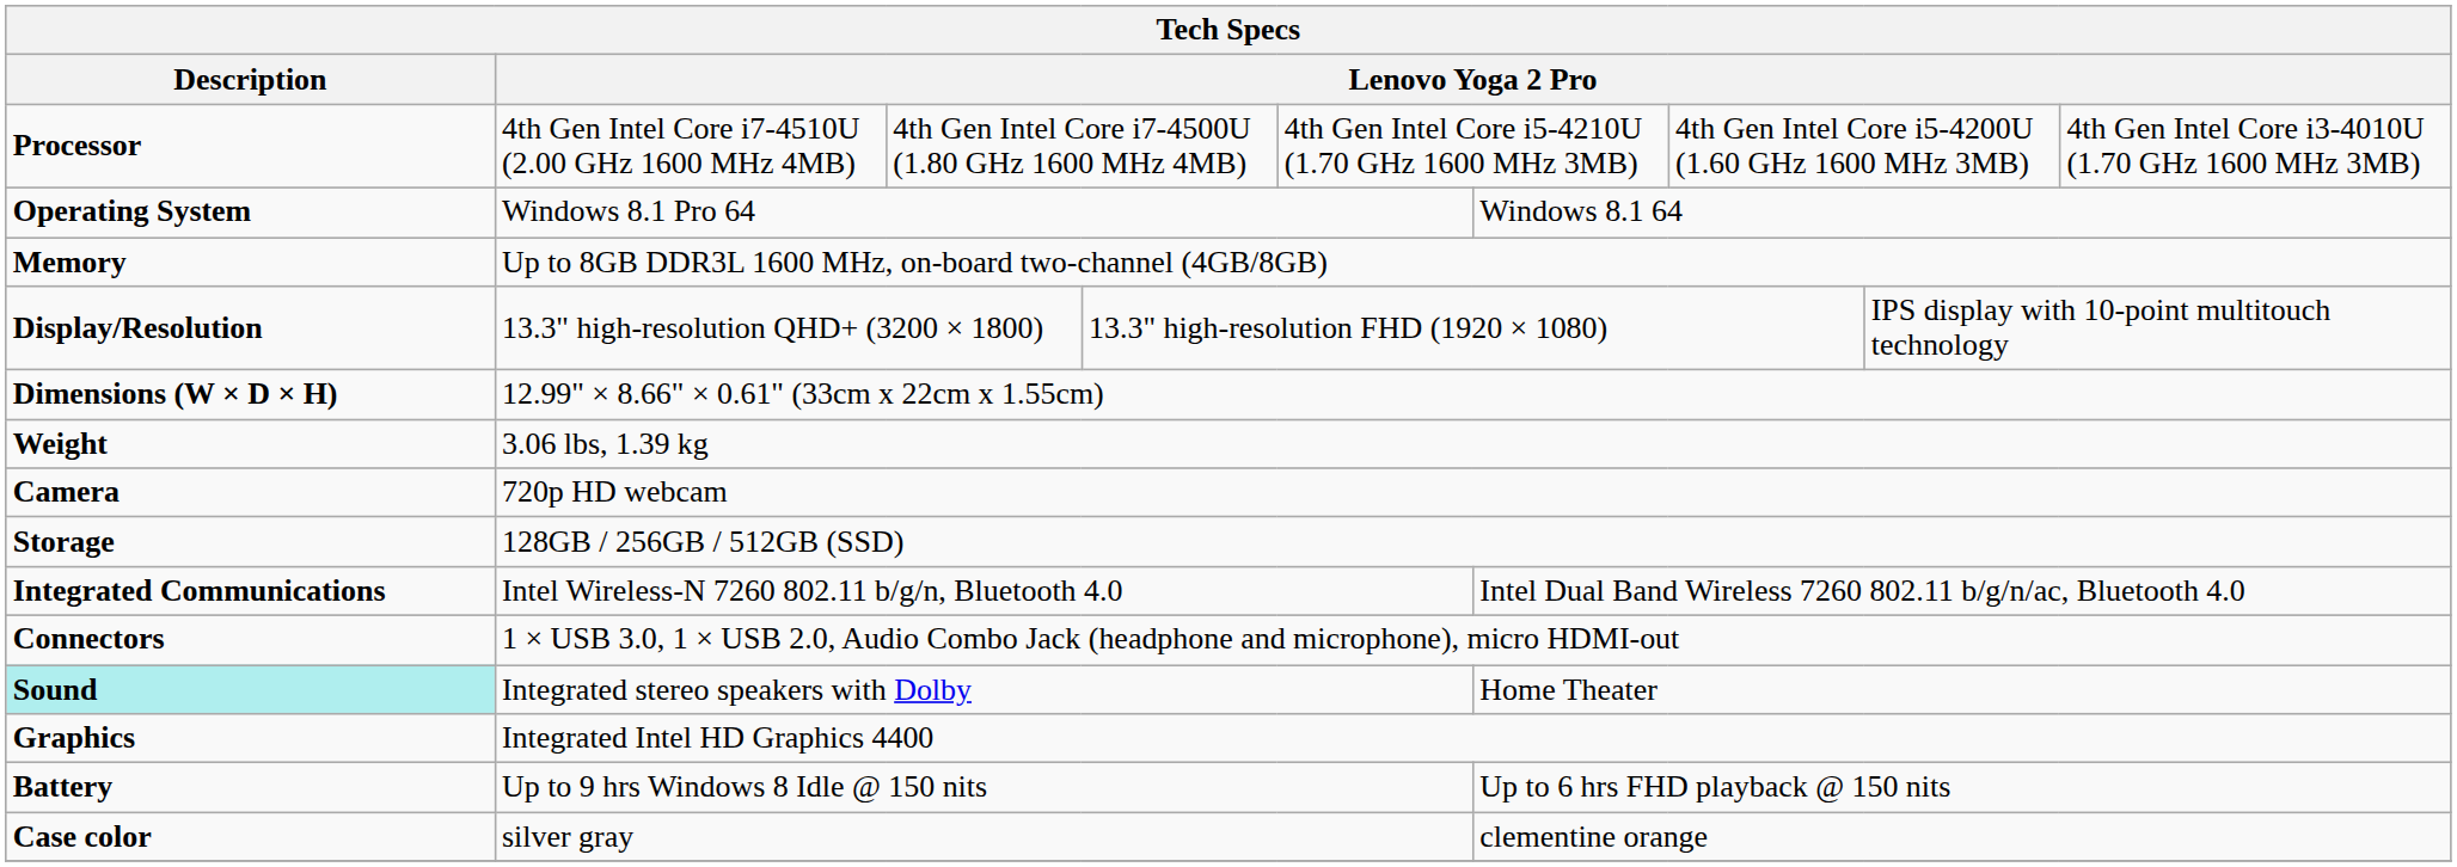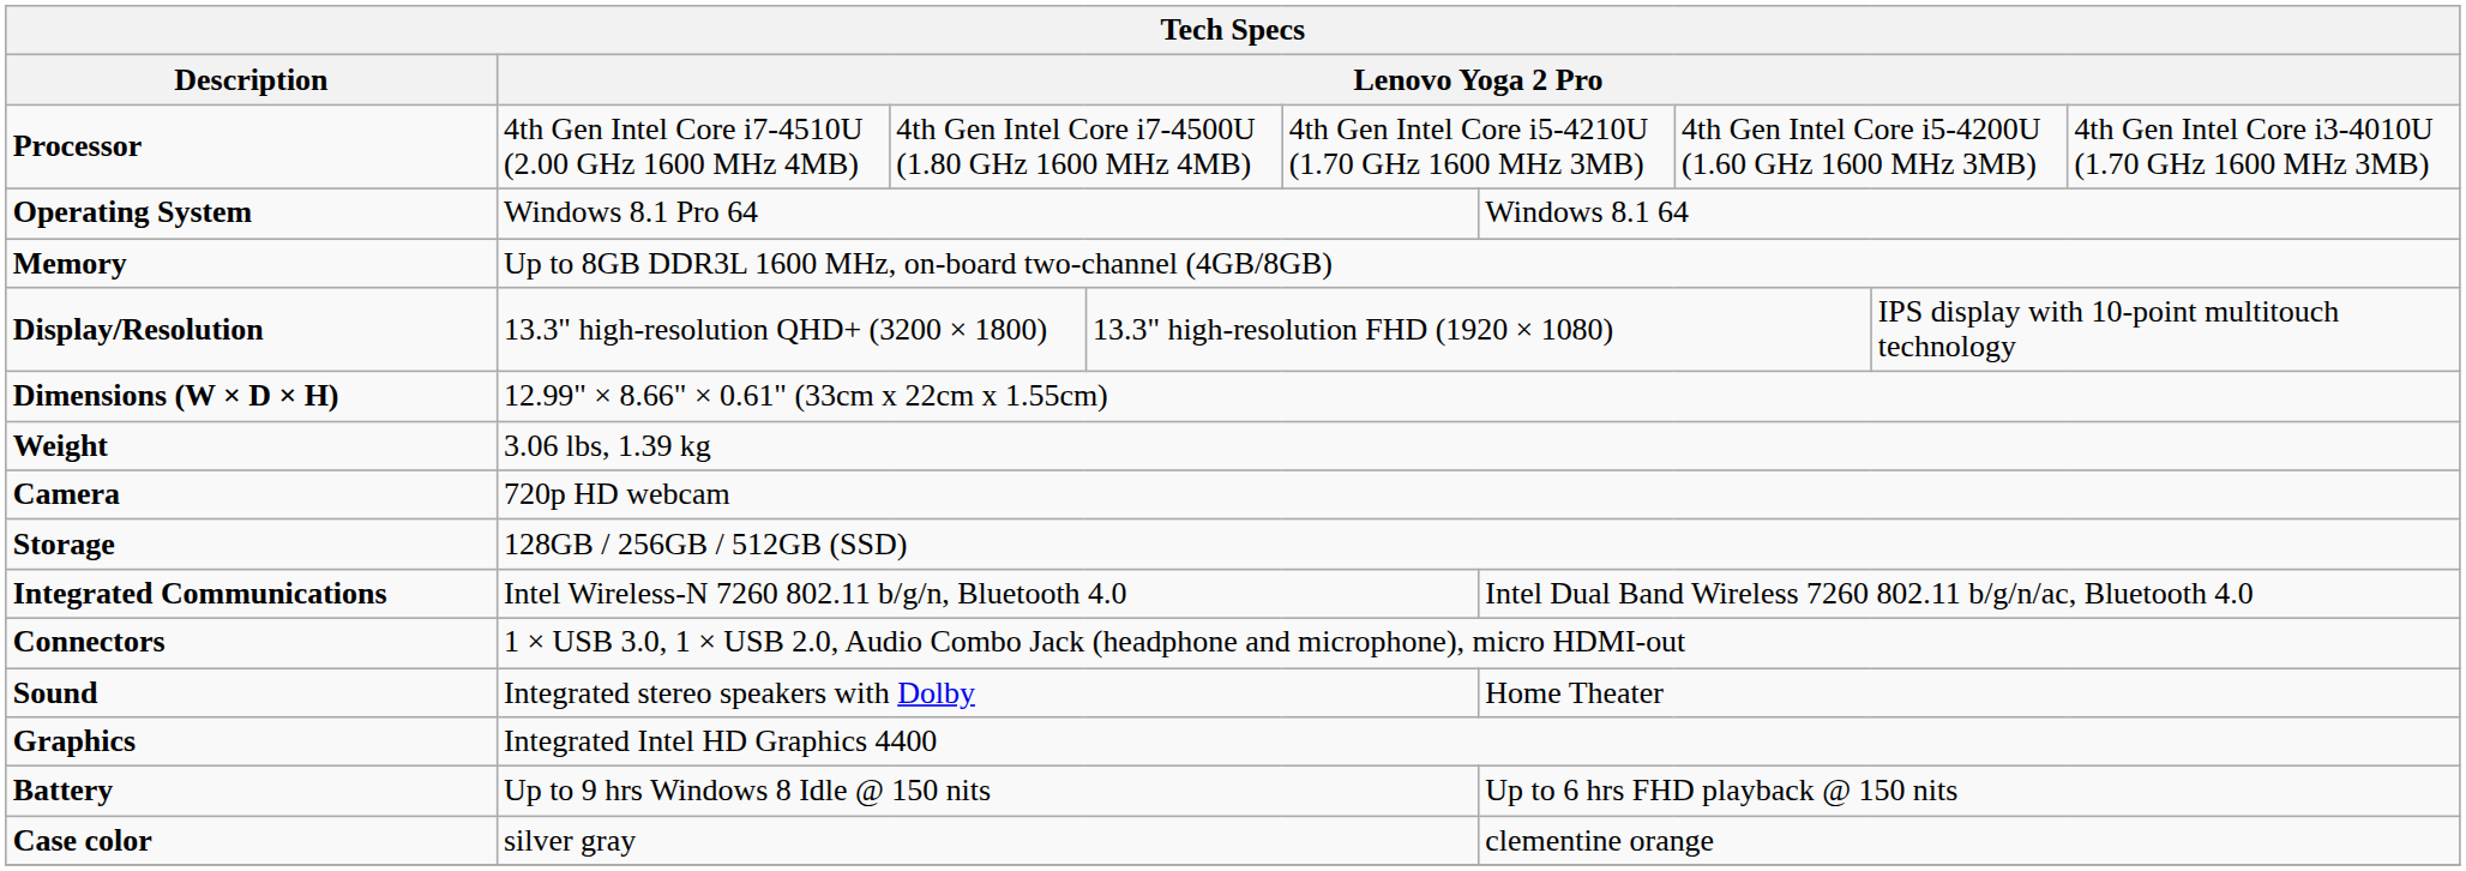 <table class="wikitable collapsible" style="width: 100%;">
 <tr>
 <th style="text-align:center;" colspan="15">Tech Specs </th>
 </tr>
 <tr>
 <th style="width:20%;">Description</th>
 <th style="width:80%;" colspan="15">Lenovo Yoga 2 Pro</th>
 </tr>
 <tr>
 <td><strong>Processor</strong></td>
 <td colspan=3>4th Gen Intel Core i7-4510U (2.00 GHz 1600 MHz 4MB)</td>
 <td colspan=3>4th Gen Intel Core i7-4500U (1.80 GHz 1600 MHz 4MB)</td>
 <td colspan=3>4th Gen Intel Core i5-4210U (1.70 GHz 1600 MHz 3MB)</td>
 <td colspan=3>4th Gen Intel Core i5-4200U (1.60 GHz 1600 MHz 3MB)</td>
 <td colspan=3>4th Gen Intel Core i3-4010U (1.70 GHz 1600 MHz 3MB)</td>
 </tr>
 <tr>
 <td><strong>Operating System</strong></td>
 <td colspan=7.5>Windows 8.1 Pro 64</td>
 <td colspan=7.5>Windows 8.1 64</td>
 </tr>
 <tr>
 <td><strong>Memory</strong></td>
 <td colspan=15>Up to 8GB DDR3L 1600 MHz, on-board two-channel (4GB/8GB)</td>
 </tr>
 <tr>
 <td><strong>Display/Resolution</strong></td>
 <td colspan=5>13.3" high-resolution QHD+ (3200 × 1800)</td>
 <td colspan=5>13.3" high-resolution FHD (1920 × 1080)</td>
 <td colspan=5>IPS display with 10-point multitouch technology</td>
 </tr>
 <tr>
 <td><strong>Dimensions (W × D × H)</strong></td>
 <td colspan=15>12.99" × 8.66" × 0.61" (33cm x 22cm x 1.55cm)</td>
 </tr>
 <tr>
 <td><strong>Weight</strong></td>
 <td colspan=15>3.06 lbs, 1.39 kg</td>
 </tr>
 <tr>
 <td><strong>Camera</strong></td>
 <td colspan=15>720p HD webcam</td>
 </tr>
 <tr>
 <td><strong>Storage</strong></td>
 <td colspan=15>128GB / 256GB / 512GB (SSD)</td>
 </tr>
 <tr>
 <td><strong>Integrated Communications</strong></td>
 <td colspan=7.5>Intel Wireless-N 7260 802.11 b/g/n, Bluetooth 4.0</td>
 <td colspan=7.5>Intel Dual Band Wireless 7260 802.11 b/g/n/ac, Bluetooth 4.0</td>
 </tr>
 <tr>
 <td><strong>Connectors</strong></td>
 <td colspan=15>1 × USB 3.0, 1 × USB 2.0, Audio Combo Jack (headphone and microphone), micro HDMI-out</td>
 </tr>
 <tr>
-<td style="background: paleturquoise;"><strong>Sound</strong></td>
+<td><strong>Sound</strong></td>
 <td colspan=7.5>Integrated stereo speakers with <a href='#'>Dolby</a></td>
 <td colspan=7.5>Home Theater</td>
 </tr>
 <tr>
 <td><strong>Graphics</strong></td>
 <td colspan=15>Integrated Intel HD Graphics 4400</td>
 </tr>
 <tr>
 <td><strong>Battery</strong></td>
 <td colspan=7.5>Up to 9 hrs Windows 8 Idle @ 150 nits</td>
 <td colspan=7.5>Up to 6 hrs FHD playback @ 150 nits</td>
 </tr>
 <tr>
 <td><strong>Case color</strong></td>
 <td colspan=7.5>silver gray</td>
 <td colspan=7.5>clementine orange</td>
 </tr>
 <tr>
 </tr>
 </table>
